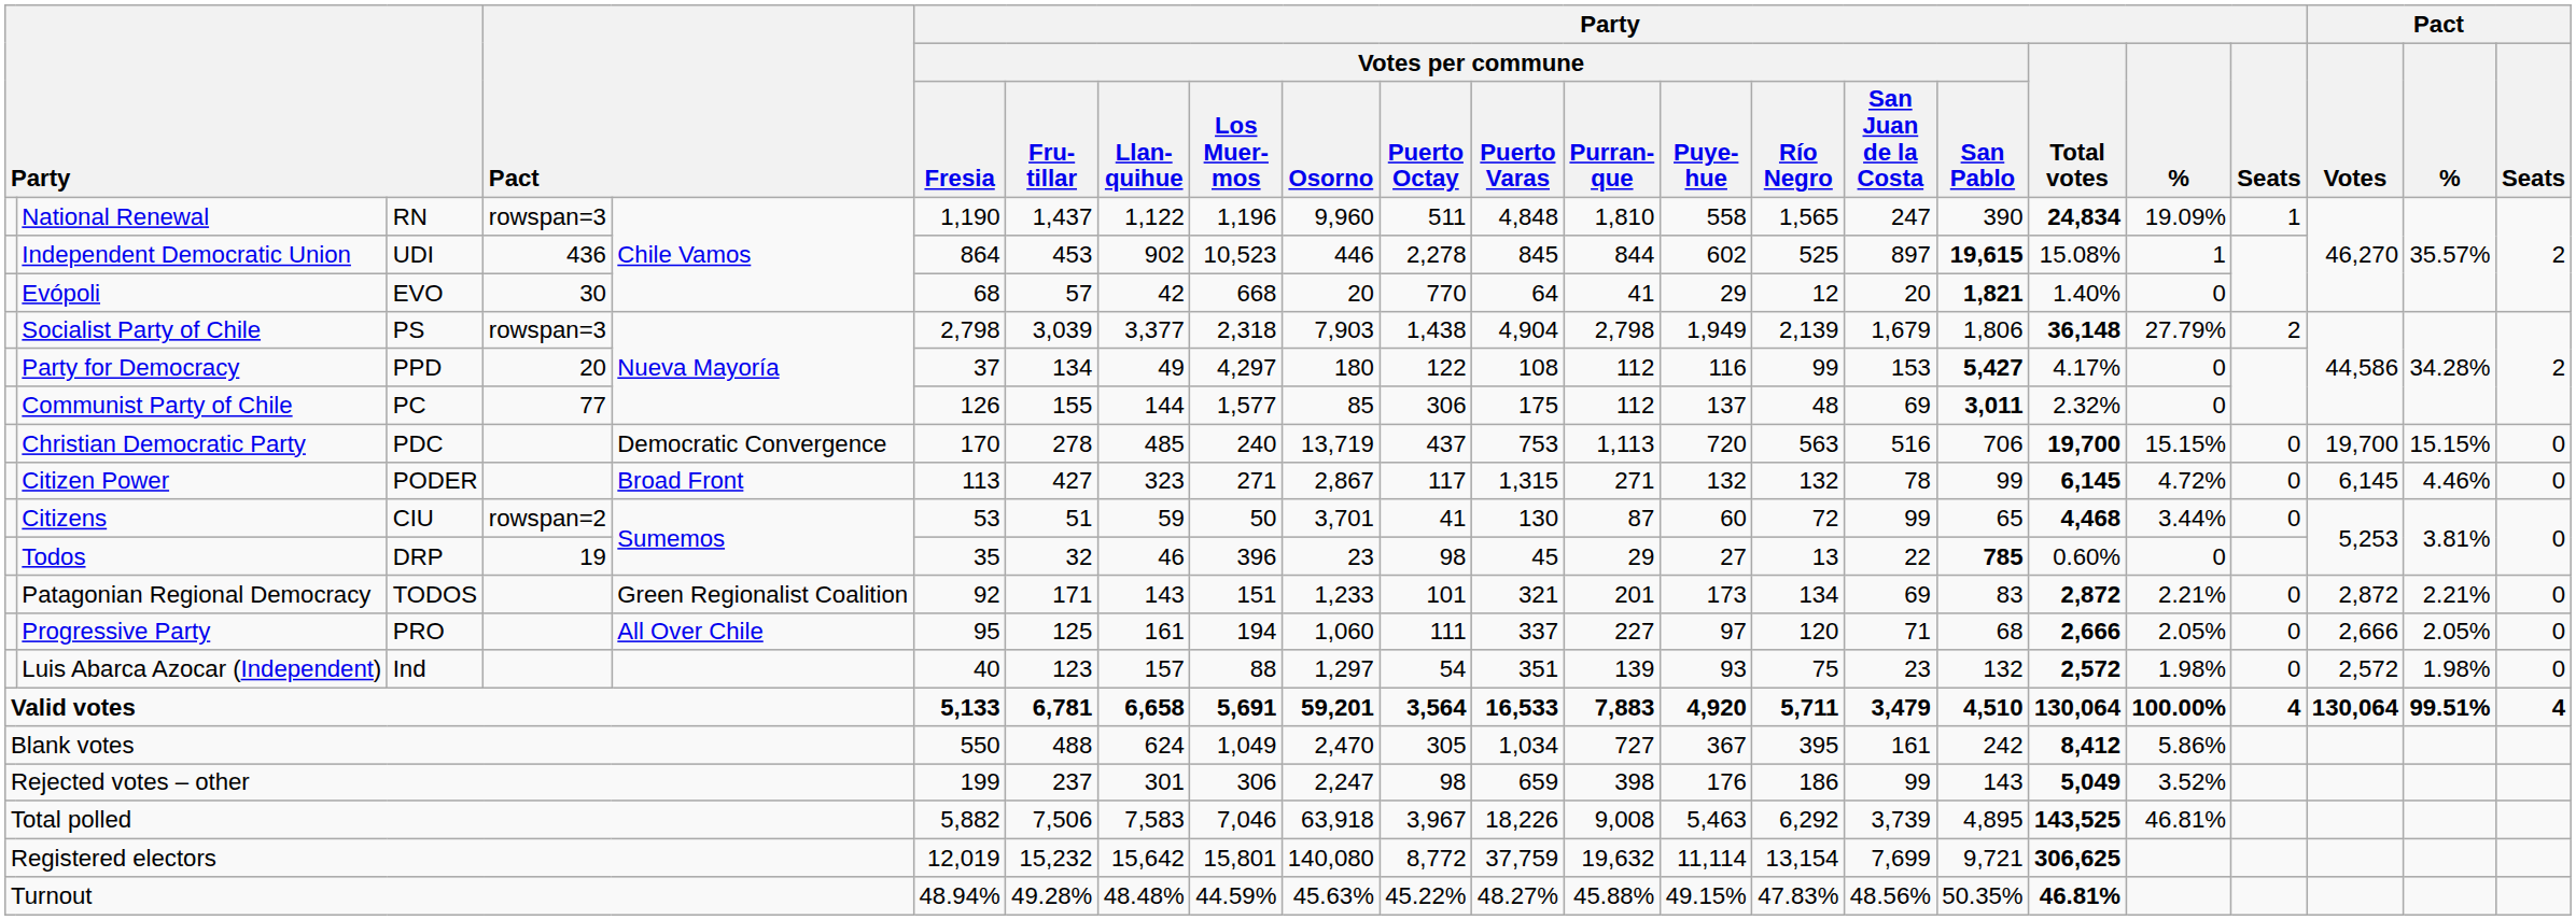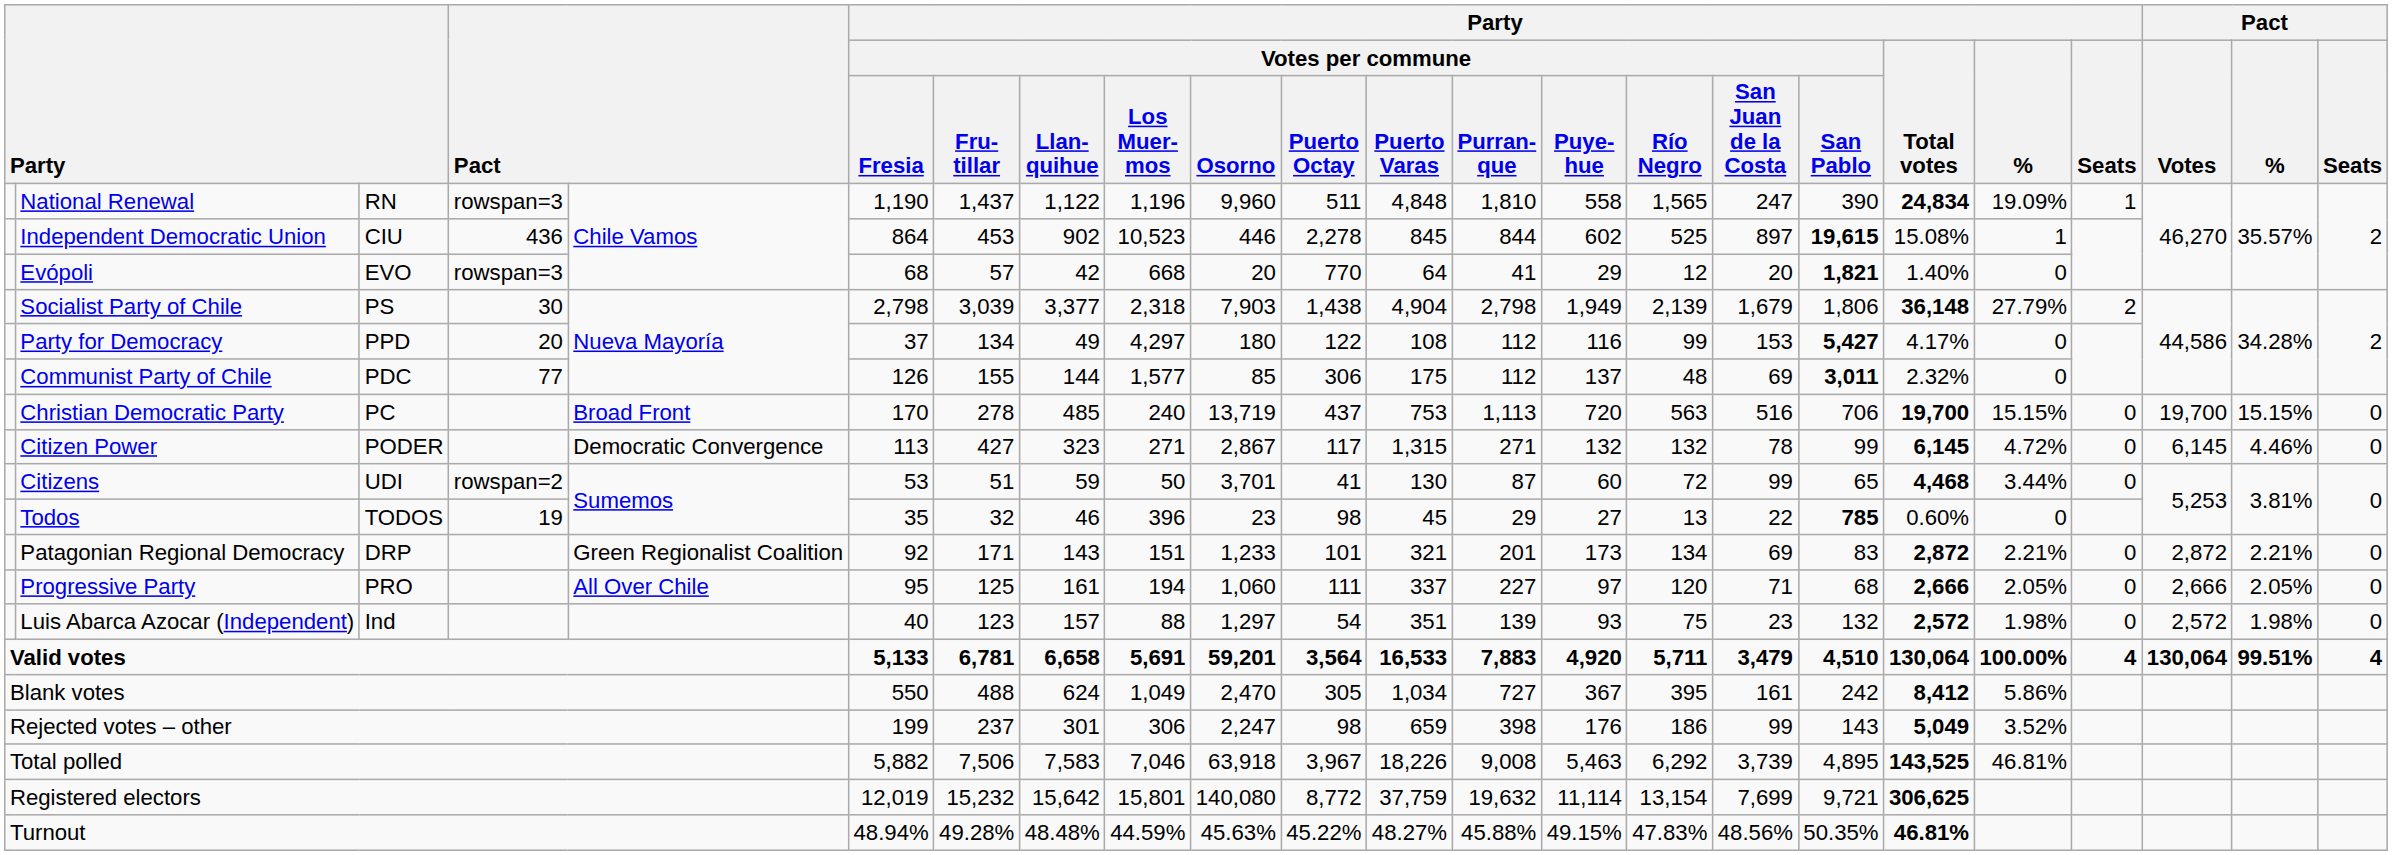 <table class="wikitable" border="1" style="font-size:90%; text-align:right; white-space: nowrap;">
 <tr>
 <th style="text-align:left;" valign=bottom rowspan=3 colspan=3>Party</th>
 <th style="text-align:left;" valign=bottom rowspan=3 colspan=2>Pact</th>
 <th colspan=15>Party</th>
 <th colspan=3>Pact</th>
 </tr>
 <tr>
 <th colspan=12>Votes per commune</th>
 <th align=center valign=bottom rowspan=2 width="40">Total<br>votes</th>
 <th align=center valign=bottom rowspan=2 width="40">%</th>
 <th align=center valign=bottom rowspan=2>Seats</th>
 <th align=center valign=bottom rowspan=2 width="40">Votes</th>
 <th align=center valign=bottom rowspan=2 width="40">%</th>
 <th align=center valign=bottom rowspan=2>Seats</th>
 </tr>
 <tr>
 <th align=center valign=bottom width="40"><a href='#'>Fresia</a></th>
 <th align=center valign=bottom width="40"><a href='#'>Fru-<br>tillar</a></th>
 <th align=center valign=bottom width="40"><a href='#'>Llan-<br>quihue</a></th>
 <th align=center valign=bottom width="40"><a href='#'>Los<br>Muer-<br>mos</a></th>
 <th align=center valign=bottom width="40"><a href='#'>Osorno</a></th>
 <th align=center valign=bottom width="40"><a href='#'>Puerto<br>Octay</a></th>
 <th align=center valign=bottom width="40"><a href='#'>Puerto<br>Varas</a></th>
 <th align=center valign=bottom width="40"><a href='#'>Purran-<br>que</a></th>
 <th align=center valign=bottom width="40"><a href='#'>Puye-<br>hue</a></th>
 <th align=center valign=bottom width="40"><a href='#'>Río<br>Negro</a></th>
 <th align=center valign=bottom width="40"><a href='#'>San<br>Juan<br>de la<br>Costa</a></th>
 <th align=center valign=bottom width="40"><a href='#'>San<br>Pablo</a></th>
 </tr>
 <tr>
 <td></td>
 <td align=left><a href='#'>National Renewal</a></td>
 <td align=left>RN</td>
 <td>rowspan=3 </td>
 <td rowspan=3 align=left><a href='#'>Chile Vamos</a></td>
 <td>1,190</td>
 <td>1,437</td>
 <td>1,122</td>
 <td>1,196</td>
 <td>9,960</td>
 <td>511</td>
 <td>4,848</td>
 <td>1,810</td>
 <td>558</td>
 <td>1,565</td>
 <td>247</td>
 <td>390</td>
 <td><strong>24,834</strong></td>
 <td>19.09%</td>
 <td>1</td>
 <td rowspan=3>46,270</td>
 <td rowspan=3>35.57%</td>
 <td rowspan=3>2</td>
 </tr>
 <tr>
 <td></td>
 <td align=left><a href='#'>Independent Democratic Union</a></td>
-<td align=left>UDI</td>
+<td align=left>CIU</td>
 <td>436</td>
 <td>864</td>
 <td>453</td>
 <td>902</td>
 <td>10,523</td>
 <td>446</td>
 <td>2,278</td>
 <td>845</td>
 <td>844</td>
 <td>602</td>
 <td>525</td>
 <td>897</td>
 <td><strong>19,615</strong></td>
 <td>15.08%</td>
 <td>1</td>
 </tr>
 <tr>
 <td></td>
 <td align=left><a href='#'>Evópoli</a></td>
 <td align=left>EVO</td>
-<td>30</td>
+<td>rowspan=3 </td>
 <td>68</td>
 <td>57</td>
 <td>42</td>
 <td>668</td>
 <td>20</td>
 <td>770</td>
 <td>64</td>
 <td>41</td>
 <td>29</td>
 <td>12</td>
 <td>20</td>
 <td><strong>1,821</strong></td>
 <td>1.40%</td>
 <td>0</td>
 </tr>
 <tr>
 <td></td>
 <td align=left><a href='#'>Socialist Party of Chile</a></td>
 <td align=left>PS</td>
-<td>rowspan=3 </td>
+<td>30</td>
 <td rowspan=3 align=left><a href='#'>Nueva Mayoría</a></td>
 <td>2,798</td>
 <td>3,039</td>
 <td>3,377</td>
 <td>2,318</td>
 <td>7,903</td>
 <td>1,438</td>
 <td>4,904</td>
 <td>2,798</td>
 <td>1,949</td>
 <td>2,139</td>
 <td>1,679</td>
 <td>1,806</td>
 <td><strong>36,148</strong></td>
 <td>27.79%</td>
 <td>2</td>
 <td rowspan=3>44,586</td>
 <td rowspan=3>34.28%</td>
 <td rowspan=3>2</td>
 </tr>
 <tr>
 <td></td>
 <td align=left><a href='#'>Party for Democracy</a></td>
 <td align=left>PPD</td>
 <td>20</td>
 <td>37</td>
 <td>134</td>
 <td>49</td>
 <td>4,297</td>
 <td>180</td>
 <td>122</td>
 <td>108</td>
 <td>112</td>
 <td>116</td>
 <td>99</td>
 <td>153</td>
 <td><strong>5,427</strong></td>
 <td>4.17%</td>
 <td>0</td>
 </tr>
 <tr>
 <td></td>
 <td align=left><a href='#'>Communist Party of Chile</a></td>
-<td align=left>PC</td>
+<td align=left>PDC</td>
 <td>77</td>
 <td>126</td>
 <td>155</td>
 <td>144</td>
 <td>1,577</td>
 <td>85</td>
 <td>306</td>
 <td>175</td>
 <td>112</td>
 <td>137</td>
 <td>48</td>
 <td>69</td>
 <td><strong>3,011</strong></td>
 <td>2.32%</td>
 <td>0</td>
 </tr>
 <tr>
 <td></td>
 <td align=left><a href='#'>Christian Democratic Party</a></td>
-<td align=left>PDC</td>
+<td align=left>PC</td>
 <td></td>
-<td align=left>Democratic Convergence</td>
+<td align=left><a href='#'>Broad Front</a></td>
 <td>170</td>
 <td>278</td>
 <td>485</td>
 <td>240</td>
 <td>13,719</td>
 <td>437</td>
 <td>753</td>
 <td>1,113</td>
 <td>720</td>
 <td>563</td>
 <td>516</td>
 <td>706</td>
 <td><strong>19,700</strong></td>
 <td>15.15%</td>
 <td>0</td>
 <td>19,700</td>
 <td>15.15%</td>
 <td>0</td>
 </tr>
 <tr>
 <td></td>
 <td align=left><a href='#'>Citizen Power</a></td>
 <td align=left>PODER</td>
 <td></td>
-<td align=left><a href='#'>Broad Front</a></td>
+<td align=left>Democratic Convergence</td>
 <td>113</td>
 <td>427</td>
 <td>323</td>
 <td>271</td>
 <td>2,867</td>
 <td>117</td>
 <td>1,315</td>
 <td>271</td>
 <td>132</td>
 <td>132</td>
 <td>78</td>
 <td>99</td>
 <td><strong>6,145</strong></td>
 <td>4.72%</td>
 <td>0</td>
 <td>6,145</td>
 <td>4.46%</td>
 <td>0</td>
 </tr>
 <tr>
 <td></td>
 <td align=left><a href='#'>Citizens</a></td>
-<td align=left>CIU</td>
+<td align=left>UDI</td>
 <td>rowspan=2 </td>
 <td rowspan=2 align=left><a href='#'>Sumemos</a></td>
 <td>53</td>
 <td>51</td>
 <td>59</td>
 <td>50</td>
 <td>3,701</td>
 <td>41</td>
 <td>130</td>
 <td>87</td>
 <td>60</td>
 <td>72</td>
 <td>99</td>
 <td>65</td>
 <td><strong>4,468</strong></td>
 <td>3.44%</td>
 <td>0</td>
 <td rowspan=2>5,253</td>
 <td rowspan=2>3.81%</td>
 <td rowspan=2>0</td>
 </tr>
 <tr>
 <td></td>
 <td align=left><a href='#'>Todos</a></td>
-<td align=left>DRP</td>
+<td align=left>TODOS</td>
 <td>19</td>
 <td>35</td>
 <td>32</td>
 <td>46</td>
 <td>396</td>
 <td>23</td>
 <td>98</td>
 <td>45</td>
 <td>29</td>
 <td>27</td>
 <td>13</td>
 <td>22</td>
 <td><strong>785</strong></td>
 <td>0.60%</td>
 <td>0</td>
 </tr>
 <tr>
 <td></td>
 <td align=left>Patagonian Regional Democracy</td>
-<td align=left>TODOS</td>
+<td align=left>DRP</td>
 <td></td>
 <td align=left>Green Regionalist Coalition</td>
 <td>92</td>
 <td>171</td>
 <td>143</td>
 <td>151</td>
 <td>1,233</td>
 <td>101</td>
 <td>321</td>
 <td>201</td>
 <td>173</td>
 <td>134</td>
 <td>69</td>
 <td>83</td>
 <td><strong>2,872</strong></td>
 <td>2.21%</td>
 <td>0</td>
 <td>2,872</td>
 <td>2.21%</td>
 <td>0</td>
 </tr>
 <tr>
 <td></td>
 <td align=left><a href='#'>Progressive Party</a></td>
 <td align=left>PRO</td>
 <td></td>
 <td align=left><a href='#'>All Over Chile</a></td>
 <td>95</td>
 <td>125</td>
 <td>161</td>
 <td>194</td>
 <td>1,060</td>
 <td>111</td>
 <td>337</td>
 <td>227</td>
 <td>97</td>
 <td>120</td>
 <td>71</td>
 <td>68</td>
 <td><strong>2,666</strong></td>
 <td>2.05%</td>
 <td>0</td>
 <td>2,666</td>
 <td>2.05%</td>
 <td>0</td>
 </tr>
 <tr>
 <td></td>
 <td align=left>Luis Abarca Azocar (<a href='#'>Independent</a>)</td>
 <td align=left>Ind</td>
 <td></td>
 <td></td>
 <td>40</td>
 <td>123</td>
 <td>157</td>
 <td>88</td>
 <td>1,297</td>
 <td>54</td>
 <td>351</td>
 <td>139</td>
 <td>93</td>
 <td>75</td>
 <td>23</td>
 <td>132</td>
 <td><strong>2,572</strong></td>
 <td>1.98%</td>
 <td>0</td>
 <td>2,572</td>
 <td>1.98%</td>
 <td>0</td>
 </tr>
 <tr style="font-weight:bold">
 <td align=left colspan=5>Valid votes</td>
 <td>5,133</td>
 <td>6,781</td>
 <td>6,658</td>
 <td>5,691</td>
 <td>59,201</td>
 <td>3,564</td>
 <td>16,533</td>
 <td>7,883</td>
 <td>4,920</td>
 <td>5,711</td>
 <td>3,479</td>
 <td>4,510</td>
 <td>130,064</td>
 <td>100.00%</td>
 <td>4</td>
 <td>130,064</td>
 <td>99.51%</td>
 <td>4</td>
 </tr>
 <tr>
 <td align=left colspan=5>Blank votes</td>
 <td>550</td>
 <td>488</td>
 <td>624</td>
 <td>1,049</td>
 <td>2,470</td>
 <td>305</td>
 <td>1,034</td>
 <td>727</td>
 <td>367</td>
 <td>395</td>
 <td>161</td>
 <td>242</td>
 <td><strong>8,412</strong></td>
 <td>5.86%</td>
 <td></td>
 <td></td>
 <td></td>
 <td></td>
 </tr>
 <tr>
 <td align=left colspan=5>Rejected votes – other</td>
 <td>199</td>
 <td>237</td>
 <td>301</td>
 <td>306</td>
 <td>2,247</td>
 <td>98</td>
 <td>659</td>
 <td>398</td>
 <td>176</td>
 <td>186</td>
 <td>99</td>
 <td>143</td>
 <td><strong>5,049</strong></td>
 <td>3.52%</td>
 <td></td>
 <td></td>
 <td></td>
 <td></td>
 </tr>
 <tr>
 <td align=left colspan=5>Total polled</td>
 <td>5,882</td>
 <td>7,506</td>
 <td>7,583</td>
 <td>7,046</td>
 <td>63,918</td>
 <td>3,967</td>
 <td>18,226</td>
 <td>9,008</td>
 <td>5,463</td>
 <td>6,292</td>
 <td>3,739</td>
 <td>4,895</td>
 <td><strong>143,525</strong></td>
 <td>46.81%</td>
 <td></td>
 <td></td>
 <td></td>
 <td></td>
 </tr>
 <tr>
 <td align=left colspan=5>Registered electors</td>
 <td>12,019</td>
 <td>15,232</td>
 <td>15,642</td>
 <td>15,801</td>
 <td>140,080</td>
 <td>8,772</td>
 <td>37,759</td>
 <td>19,632</td>
 <td>11,114</td>
 <td>13,154</td>
 <td>7,699</td>
 <td>9,721</td>
 <td><strong>306,625</strong></td>
 <td></td>
 <td></td>
 <td></td>
 <td></td>
 <td></td>
 </tr>
 <tr>
 <td align=left colspan=5>Turnout</td>
 <td>48.94%</td>
 <td>49.28%</td>
 <td>48.48%</td>
 <td>44.59%</td>
 <td>45.63%</td>
 <td>45.22%</td>
 <td>48.27%</td>
 <td>45.88%</td>
 <td>49.15%</td>
 <td>47.83%</td>
 <td>48.56%</td>
 <td>50.35%</td>
 <td><strong>46.81%</strong></td>
 <td></td>
 <td></td>
 <td></td>
 <td></td>
 <td></td>
 </tr>
 </table>
